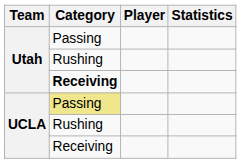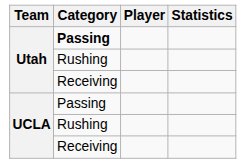 <table class="wikitable" style="float:right">
 <tr>
 <th>Team</th>
 <th>Category</th>
 <th>Player</th>
 <th>Statistics</th>
 </tr>
 <tr>
 <th rowspan=3>Utah</th>
-<td>Passing</td>
+<td><strong>Passing</strong></td>
 <td></td>
 <td></td>
 </tr>
 <tr>
 <td>Rushing</td>
 <td></td>
 <td></td>
 </tr>
 <tr>
-<td><strong>Receiving</strong></td>
+<td>Receiving</td>
 <td></td>
 <td></td>
 </tr>
 <tr>
 <th rowspan=3>UCLA</th>
-<td style="background: khaki;">Passing</td>
+<td>Passing</td>
 <td></td>
 <td></td>
 </tr>
 <tr>
 <td>Rushing</td>
 <td></td>
 <td></td>
 </tr>
 <tr>
 <td>Receiving</td>
 <td></td>
 <td></td>
 </tr>
 </table>
